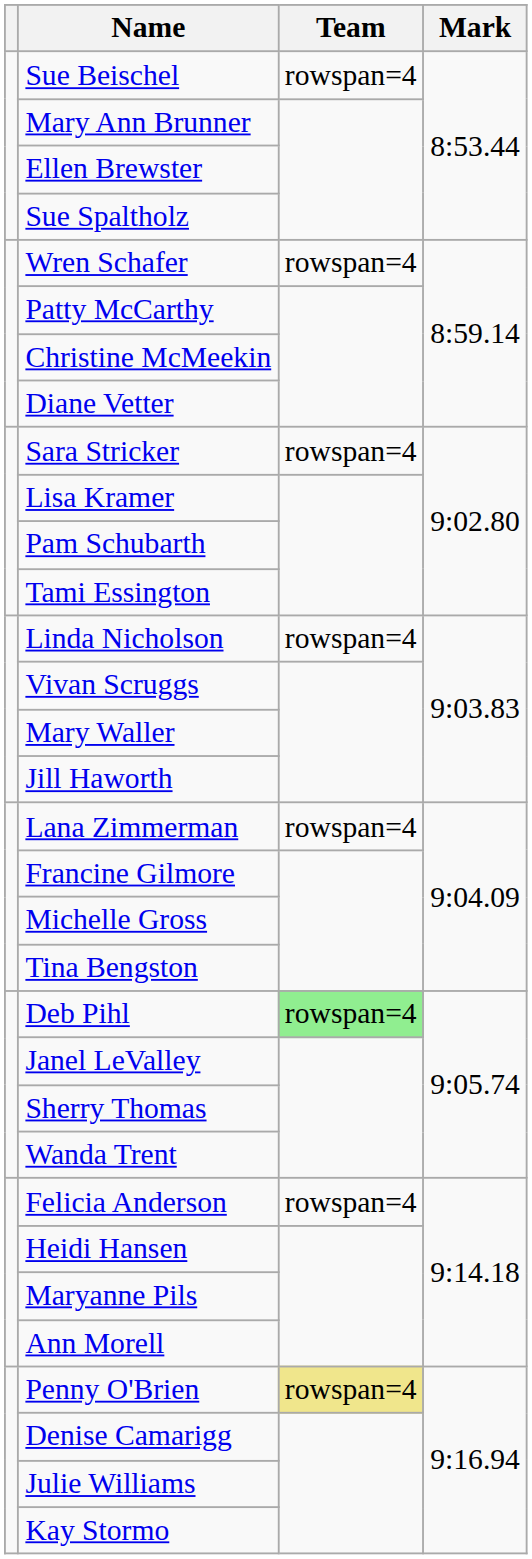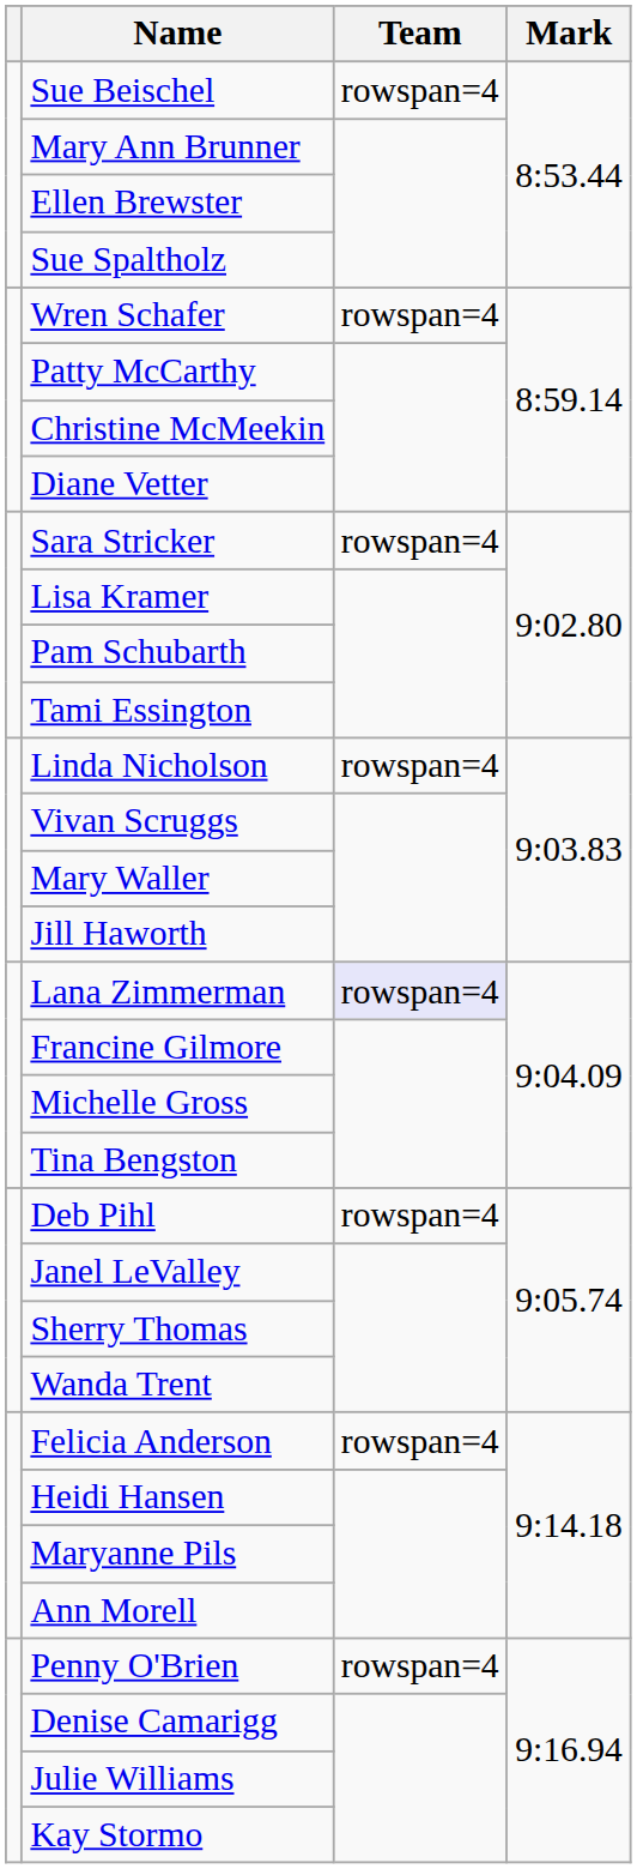 <table class=wikitable>
 <tr>
 <th></th>
 <th>Name</th>
 <th>Team</th>
 <th>Mark</th>
 </tr>
 <tr>
 <td rowspan=4></td>
 <td><a href='#'>Sue Beischel</a></td>
 <td>rowspan=4 </td>
 <td rowspan=4>8:53.44</td>
 </tr>
 <tr>
 <td><a href='#'>Mary Ann Brunner</a></td>
 </tr>
 <tr>
 <td><a href='#'>Ellen Brewster</a></td>
 </tr>
 <tr>
 <td><a href='#'>Sue Spaltholz</a></td>
 </tr>
 <tr>
 <td rowspan=4></td>
 <td><a href='#'>Wren Schafer</a></td>
 <td>rowspan=4 </td>
 <td rowspan=4>8:59.14</td>
 </tr>
 <tr>
 <td><a href='#'>Patty McCarthy</a></td>
 </tr>
 <tr>
 <td><a href='#'>Christine McMeekin</a></td>
 </tr>
 <tr>
 <td><a href='#'>Diane Vetter</a></td>
 </tr>
 <tr>
 <td rowspan=4></td>
 <td><a href='#'>Sara Stricker</a></td>
 <td>rowspan=4 </td>
 <td rowspan=4>9:02.80</td>
 </tr>
 <tr>
 <td><a href='#'>Lisa Kramer</a></td>
 </tr>
 <tr>
 <td><a href='#'>Pam Schubarth</a></td>
 </tr>
 <tr>
 <td><a href='#'>Tami Essington</a></td>
 </tr>
 <tr>
 <td rowspan=4></td>
 <td><a href='#'>Linda Nicholson</a></td>
 <td>rowspan=4 </td>
 <td rowspan=4>9:03.83</td>
 </tr>
 <tr>
 <td><a href='#'>Vivan Scruggs</a></td>
 </tr>
 <tr>
 <td><a href='#'>Mary Waller</a></td>
 </tr>
 <tr>
 <td><a href='#'>Jill Haworth</a></td>
 </tr>
 <tr>
 <td rowspan=4></td>
 <td><a href='#'>Lana Zimmerman</a></td>
-<td>rowspan=4 </td>
+<td style="background: lavender;">rowspan=4 </td>
 <td rowspan=4>9:04.09</td>
 </tr>
 <tr>
 <td><a href='#'>Francine Gilmore</a></td>
 </tr>
 <tr>
 <td><a href='#'>Michelle Gross</a></td>
 </tr>
 <tr>
 <td><a href='#'>Tina Bengston</a></td>
 </tr>
 <tr>
 <td rowspan=4></td>
 <td><a href='#'>Deb Pihl</a></td>
-<td style="background: lightgreen;">rowspan=4 </td>
+<td>rowspan=4 </td>
 <td rowspan=4>9:05.74</td>
 </tr>
 <tr>
 <td><a href='#'>Janel LeValley</a></td>
 </tr>
 <tr>
 <td><a href='#'>Sherry Thomas</a></td>
 </tr>
 <tr>
 <td><a href='#'>Wanda Trent</a></td>
 </tr>
 <tr>
 <td rowspan=4></td>
 <td><a href='#'>Felicia Anderson</a></td>
 <td>rowspan=4 </td>
 <td rowspan=4>9:14.18</td>
 </tr>
 <tr>
 <td><a href='#'>Heidi Hansen</a></td>
 </tr>
 <tr>
 <td><a href='#'>Maryanne Pils</a></td>
 </tr>
 <tr>
 <td><a href='#'>Ann Morell</a></td>
 </tr>
 <tr>
 <td rowspan=4></td>
 <td><a href='#'>Penny O'Brien</a></td>
-<td style="background: khaki;">rowspan=4 </td>
+<td>rowspan=4 </td>
 <td rowspan=4>9:16.94</td>
 </tr>
 <tr>
 <td><a href='#'>Denise Camarigg</a></td>
 </tr>
 <tr>
 <td><a href='#'>Julie Williams</a></td>
 </tr>
 <tr>
 <td><a href='#'>Kay Stormo</a></td>
 </tr>
 </table>
